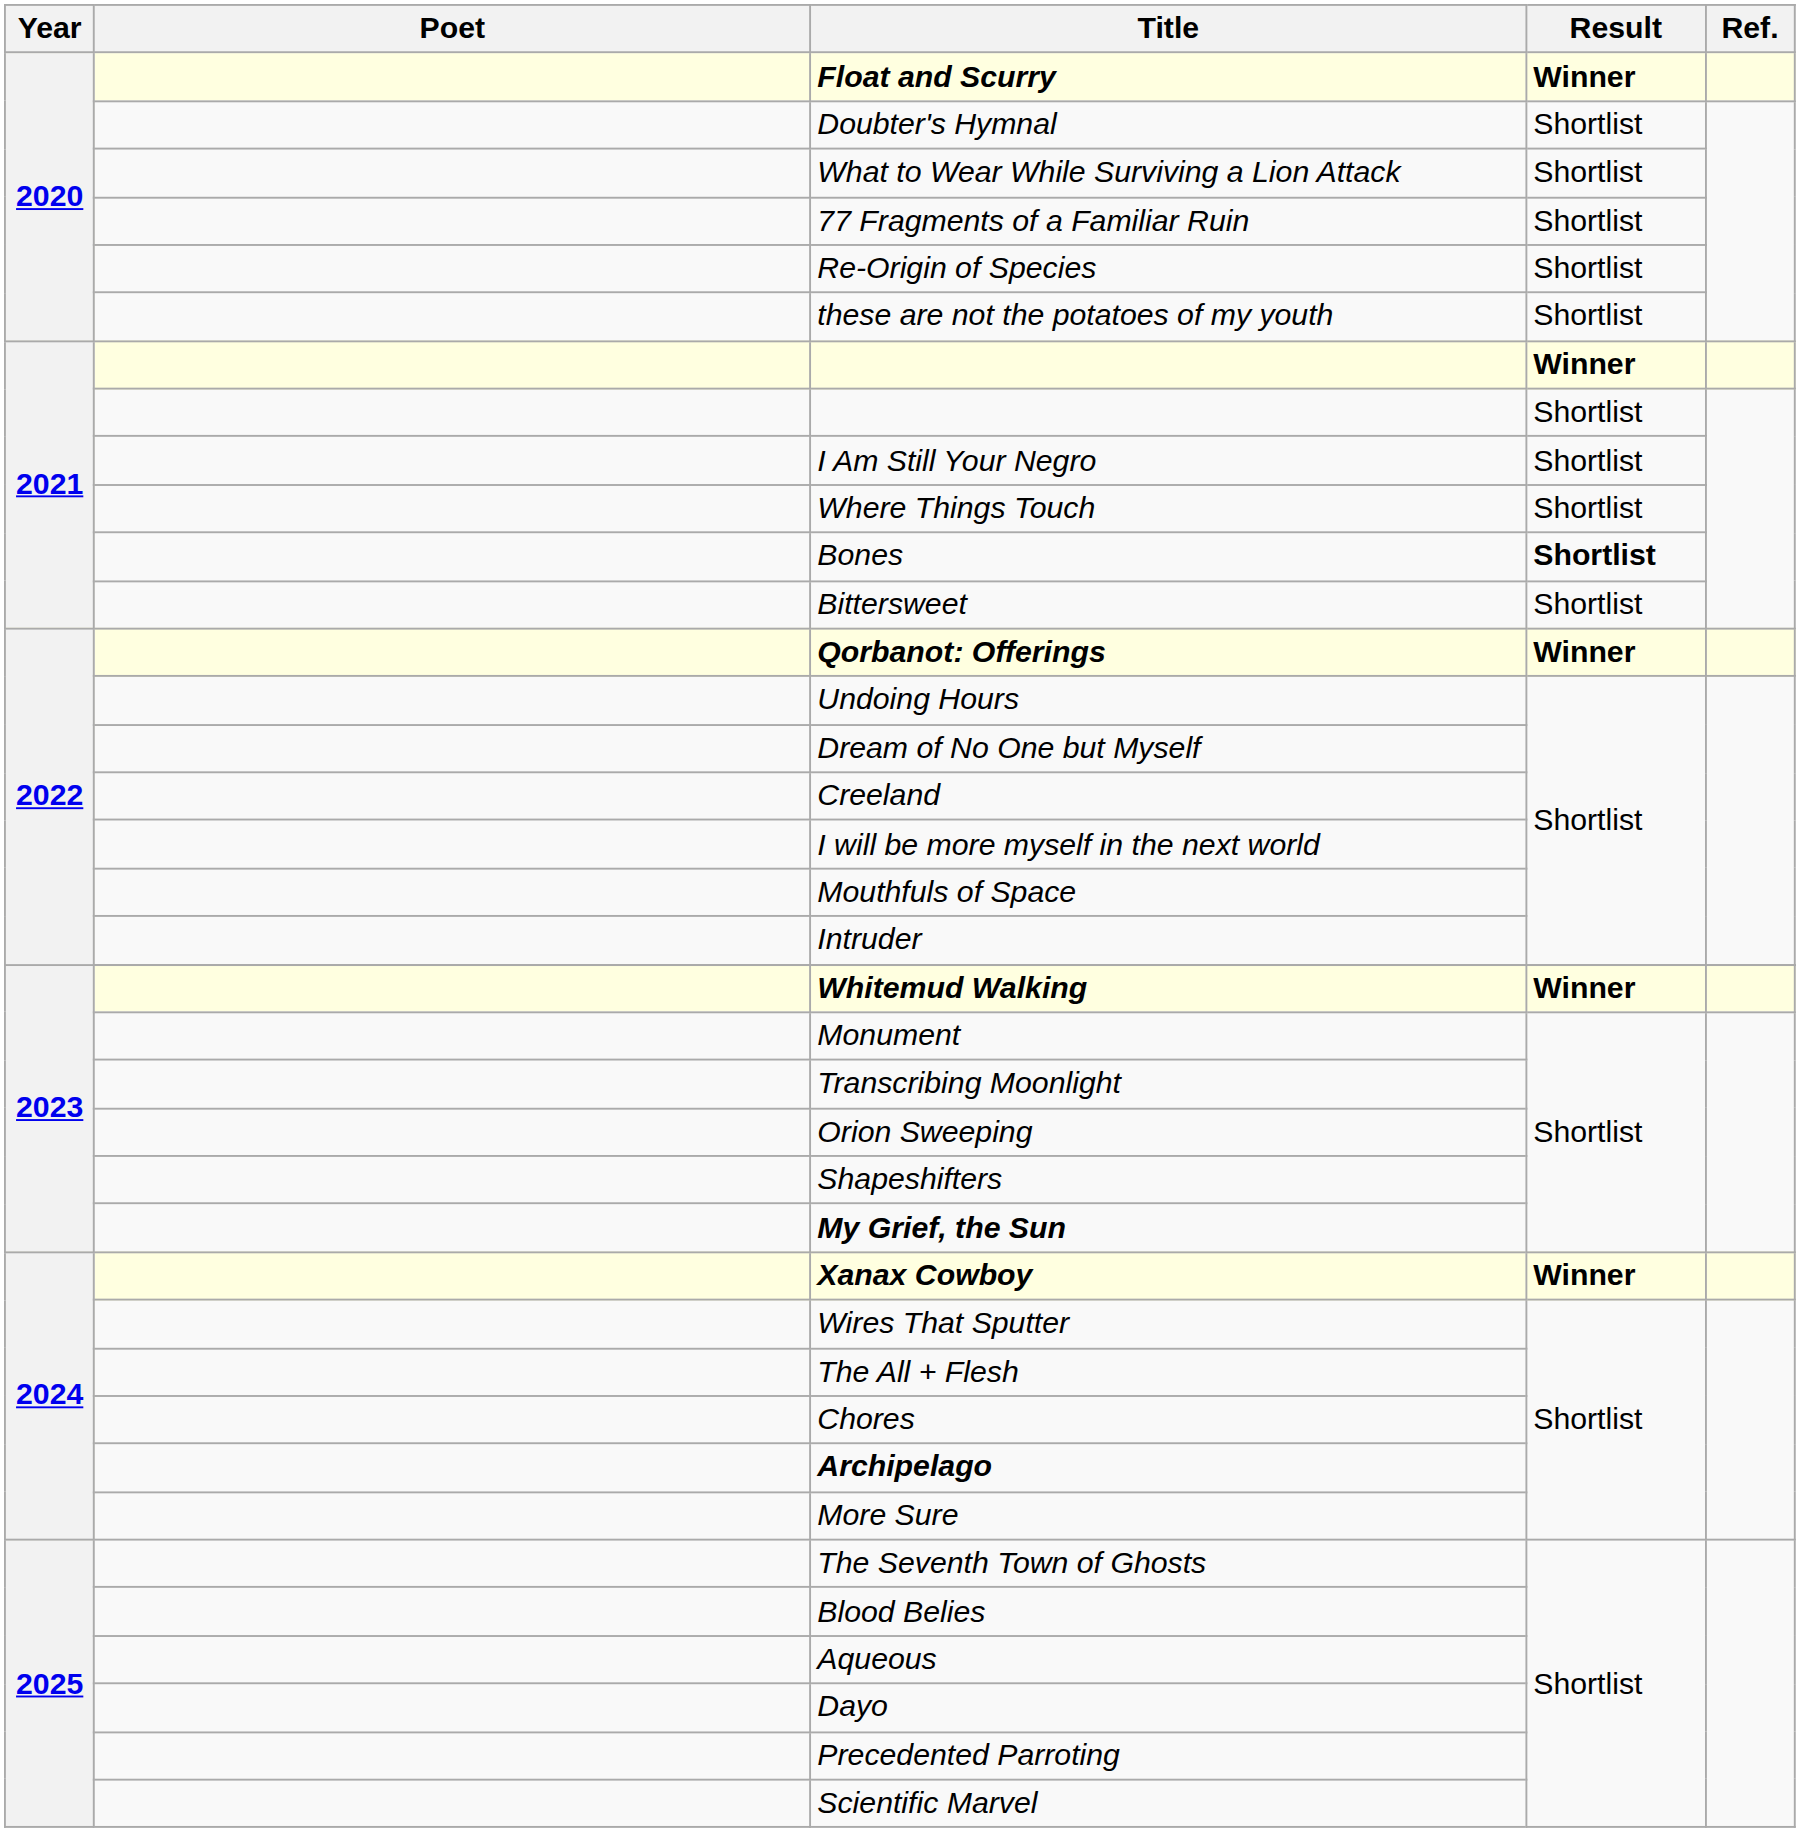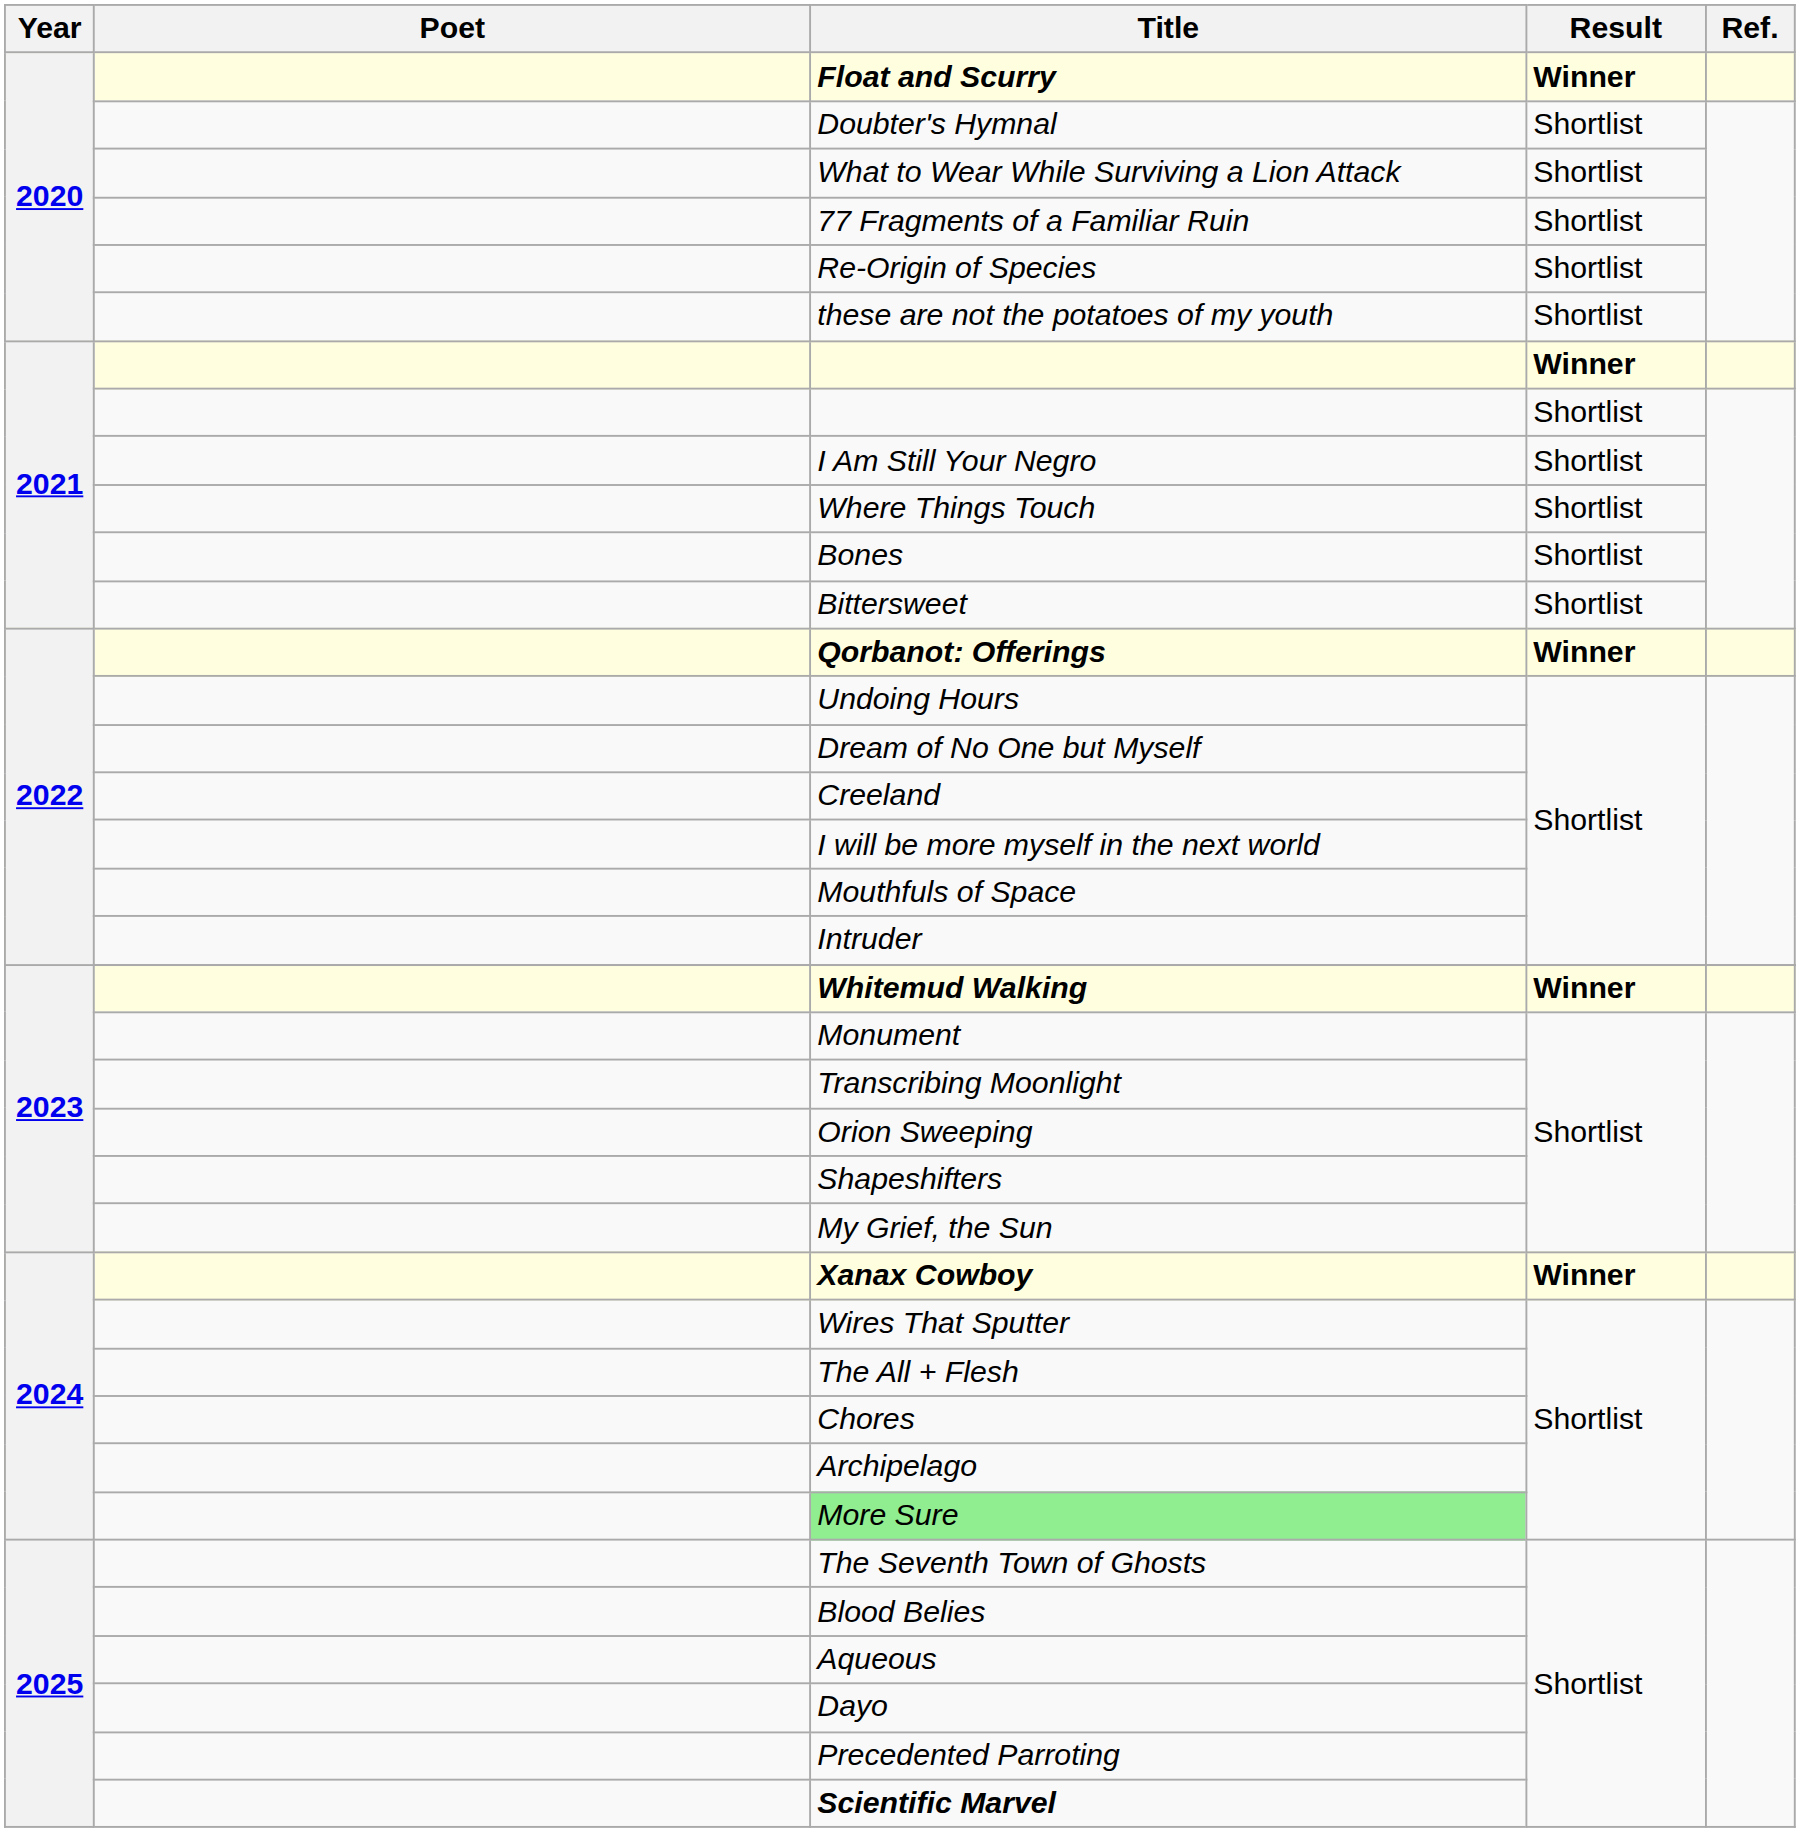 <table class="wikitable sortable mw-collapsible" width=75% width=100%>
 <tr>
 <th width=5%>Year</th>
 <th width=40%>Poet</th>
 <th width=40%>Title</th>
 <th width=10%>Result</th>
 <th width=5% class="unsortable">Ref.</th>
 </tr>
 <tr style=background:lightyellow>
 <th rowspan="6"><a href='#'>2020</a></th>
 <td><strong></strong></td>
 <td><strong><em>Float and Scurry</em></strong></td>
 <td><strong>Winner</strong></td>
 <td></td>
 </tr>
 <tr>
 <td></td>
 <td><em>Doubter's Hymnal</em></td>
 <td>Shortlist</td>
 <td rowspan=5></td>
 </tr>
 <tr>
 <td></td>
 <td><em>What to Wear While Surviving a Lion Attack</em></td>
 <td>Shortlist</td>
 </tr>
 <tr>
 <td></td>
 <td><em>77 Fragments of a Familiar Ruin</em></td>
 <td>Shortlist</td>
 </tr>
 <tr>
 <td></td>
 <td><em>Re-Origin of Species</em></td>
 <td>Shortlist</td>
 </tr>
 <tr>
 <td></td>
 <td><em>these are not the potatoes of my youth</em></td>
 <td>Shortlist</td>
 </tr>
 <tr style=background:lightyellow>
 <th rowspan="6"><a href='#'>2021</a></th>
 <td><strong></strong></td>
 <td><strong><em></em></strong></td>
 <td><strong>Winner</strong></td>
 <td></td>
 </tr>
 <tr>
 <td></td>
 <td><em></em></td>
 <td>Shortlist</td>
 <td rowspan=5></td>
 </tr>
 <tr>
 <td></td>
 <td><em>I Am Still Your Negro</em></td>
 <td>Shortlist</td>
 </tr>
 <tr>
 <td></td>
 <td><em>Where Things Touch</em></td>
 <td>Shortlist</td>
 </tr>
 <tr>
 <td></td>
 <td><em>Bones</em></td>
-<td><strong>Shortlist</strong></td>
+<td>Shortlist</td>
 </tr>
 <tr>
 <td></td>
 <td><em>Bittersweet</em></td>
 <td>Shortlist</td>
 </tr>
 <tr style=background:lightyellow>
 <th rowspan="7"><a href='#'>2022</a></th>
 <td><strong></strong></td>
 <td><strong><em>Qorbanot: Offerings</em></strong></td>
 <td><strong>Winner</strong></td>
 <td></td>
 </tr>
 <tr>
 <td></td>
 <td><em>Undoing Hours</em></td>
 <td rowspan=6>Shortlist</td>
 <td rowspan=6></td>
 </tr>
 <tr>
 <td></td>
 <td><em>Dream of No One but Myself</em></td>
 </tr>
 <tr>
 <td></td>
 <td><em>Creeland</em></td>
 </tr>
 <tr>
 <td></td>
 <td><em>I will be more myself in the next world</em></td>
 </tr>
 <tr>
 <td></td>
 <td><em>Mouthfuls of Space</em></td>
 </tr>
 <tr>
 <td></td>
 <td><em>Intruder</em></td>
 </tr>
 <tr>
 <th rowspan="7"><a href='#'>2023</a></th>
 </tr>
 <tr style=background:lightyellow>
 <td><strong></strong></td>
 <td><strong><em>Whitemud Walking</em></strong></td>
 <td><strong>Winner</strong></td>
 <td></td>
 </tr>
 <tr>
 <td></td>
 <td><em>Monument</em></td>
 <td rowspan=5>Shortlist</td>
 <td rowspan=5></td>
 </tr>
 <tr>
 <td></td>
 <td><em>Transcribing Moonlight</em></td>
 </tr>
 <tr>
 <td></td>
 <td><em>Orion Sweeping</em></td>
 </tr>
 <tr>
 <td></td>
 <td><em>Shapeshifters</em></td>
 </tr>
 <tr>
 <td></td>
-<td><strong><em>My Grief, the Sun</em></strong></td>
+<td><em>My Grief, the Sun</em></td>
 </tr>
 <tr style=background:lightyellow>
 <th rowspan="6"><a href='#'>2024</a></th>
 <td><strong></strong></td>
 <td><strong><em>Xanax Cowboy</em></strong></td>
 <td><strong>Winner</strong></td>
 <td></td>
 </tr>
 <tr>
 <td></td>
 <td><em>Wires That Sputter</em></td>
 <td rowspan=5>Shortlist</td>
 <td rowspan=5></td>
 </tr>
 <tr>
 <td></td>
 <td><em>The All + Flesh</em></td>
 </tr>
 <tr>
 <td></td>
 <td><em>Chores</em></td>
 </tr>
 <tr>
 <td></td>
-<td><strong><em>Archipelago</em></strong></td>
+<td><em>Archipelago</em></td>
 </tr>
 <tr>
 <td></td>
-<td><em>More Sure</em></td>
+<td style="background: lightgreen;"><em>More Sure</em></td>
 </tr>
 <tr>
 <th rowspan="6"><a href='#'>2025</a></th>
 <td></td>
 <td><em>The Seventh Town of Ghosts</em></td>
 <td rowspan=6>Shortlist</td>
 <td rowspan=6></td>
 </tr>
 <tr>
 <td></td>
 <td><em>Blood Belies</em></td>
 </tr>
 <tr>
 <td></td>
 <td><em>Aqueous</em></td>
 </tr>
 <tr>
 <td></td>
 <td><em>Dayo</em></td>
 </tr>
 <tr>
 <td></td>
 <td><em>Precedented Parroting</em></td>
 </tr>
 <tr>
 <td></td>
-<td><em>Scientific Marvel</em></td>
+<td><strong><em>Scientific Marvel</em></strong></td>
 </tr>
 </table>
